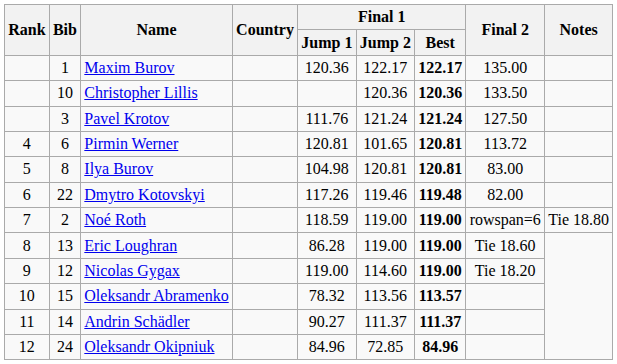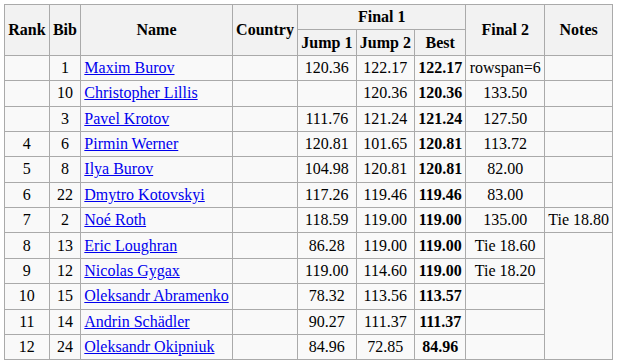 <table class="wikitable sortable" style="text-align:center">
 <tr>
 <th rowspan=2>Rank</th>
 <th rowspan=2>Bib</th>
 <th rowspan=2>Name</th>
 <th rowspan=2>Country</th>
 <th class=unsortable colspan=3>Final 1</th>
 <th rowspan=2>Final 2</th>
 <th rowspan=2>Notes</th>
 </tr>
 <tr>
 <th>Jump 1</th>
 <th>Jump 2</th>
 <th>Best</th>
 </tr>
 <tr>
 <td></td>
 <td>1</td>
 <td align=left><a href='#'>Maxim Burov</a></td>
 <td align=left></td>
 <td>120.36</td>
 <td>122.17</td>
 <td><strong>122.17</strong></td>
-<td>135.00</td>
+<td>rowspan=6 </td>
 <td></td>
 </tr>
 <tr>
 <td></td>
 <td>10</td>
 <td align=left><a href='#'>Christopher Lillis</a></td>
 <td align=left></td>
 <td></td>
 <td>120.36</td>
 <td><strong>120.36</strong></td>
 <td>133.50</td>
 <td></td>
 </tr>
 <tr>
 <td></td>
 <td>3</td>
 <td align=left><a href='#'>Pavel Krotov</a></td>
 <td align=left></td>
 <td>111.76</td>
 <td>121.24</td>
 <td><strong>121.24</strong></td>
 <td>127.50</td>
 <td></td>
 </tr>
 <tr>
 <td>4</td>
 <td>6</td>
 <td align=left><a href='#'>Pirmin Werner</a></td>
 <td align=left></td>
 <td>120.81</td>
 <td>101.65</td>
 <td><strong>120.81</strong></td>
 <td>113.72</td>
 <td></td>
 </tr>
 <tr>
 <td>5</td>
 <td>8</td>
 <td align=left><a href='#'>Ilya Burov</a></td>
 <td align=left></td>
 <td>104.98</td>
 <td>120.81</td>
 <td><strong>120.81</strong></td>
-<td>83.00</td>
+<td>82.00</td>
 <td></td>
 </tr>
 <tr>
 <td>6</td>
 <td>22</td>
 <td align=left><a href='#'>Dmytro Kotovskyi</a></td>
 <td align=left></td>
 <td>117.26</td>
 <td>119.46</td>
-<td><strong>119.48</strong></td>
-<td>82.00</td>
+<td><strong>119.46</strong></td>
+<td>83.00</td>
 <td></td>
 </tr>
 <tr>
 <td>7</td>
 <td>2</td>
 <td align=left><a href='#'>Noé Roth</a></td>
 <td align=left></td>
 <td>118.59</td>
 <td>119.00</td>
 <td><strong>119.00</strong></td>
-<td>rowspan=6 </td>
+<td>135.00</td>
 <td>Tie 18.80</td>
 </tr>
 <tr>
 <td>8</td>
 <td>13</td>
 <td align=left><a href='#'>Eric Loughran</a></td>
 <td align=left></td>
 <td>86.28</td>
 <td>119.00</td>
 <td><strong>119.00</strong></td>
 <td>Tie 18.60</td>
 </tr>
 <tr>
 <td>9</td>
 <td>12</td>
 <td align=left><a href='#'>Nicolas Gygax</a></td>
 <td align=left></td>
 <td>119.00</td>
 <td>114.60</td>
 <td><strong>119.00</strong></td>
 <td>Tie 18.20</td>
 </tr>
 <tr>
 <td>10</td>
 <td>15</td>
 <td align=left><a href='#'>Oleksandr Abramenko</a></td>
 <td align=left></td>
 <td>78.32</td>
 <td>113.56</td>
 <td><strong>113.57</strong></td>
 <td></td>
 </tr>
 <tr>
 <td>11</td>
 <td>14</td>
 <td align=left><a href='#'>Andrin Schädler</a></td>
 <td align=left></td>
 <td>90.27</td>
 <td>111.37</td>
 <td><strong>111.37</strong></td>
 <td></td>
 </tr>
 <tr>
 <td>12</td>
 <td>24</td>
 <td align=left><a href='#'>Oleksandr Okipniuk</a></td>
 <td align=left></td>
 <td>84.96</td>
 <td>72.85</td>
 <td><strong>84.96</strong></td>
 <td></td>
 </tr>
 </table>
